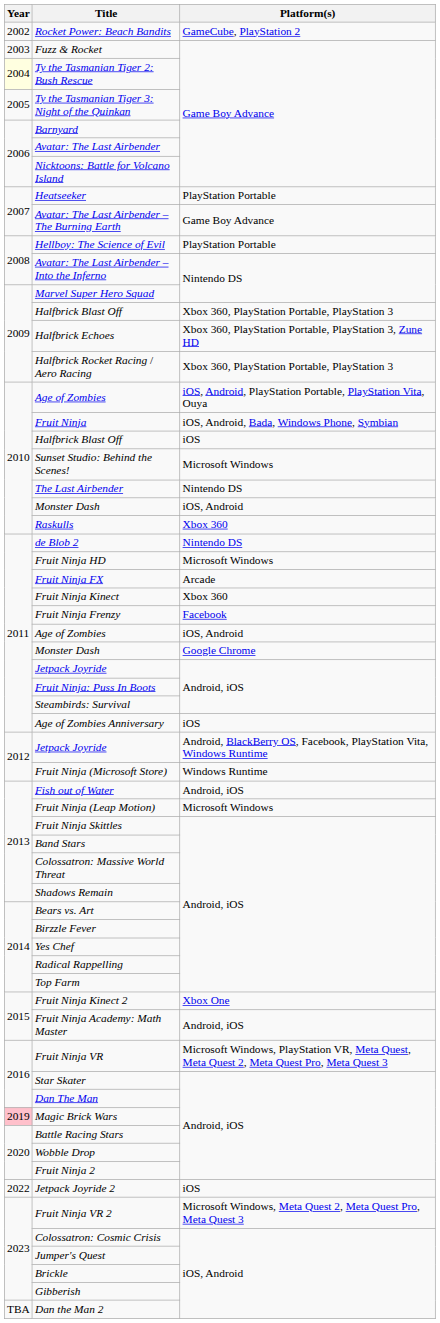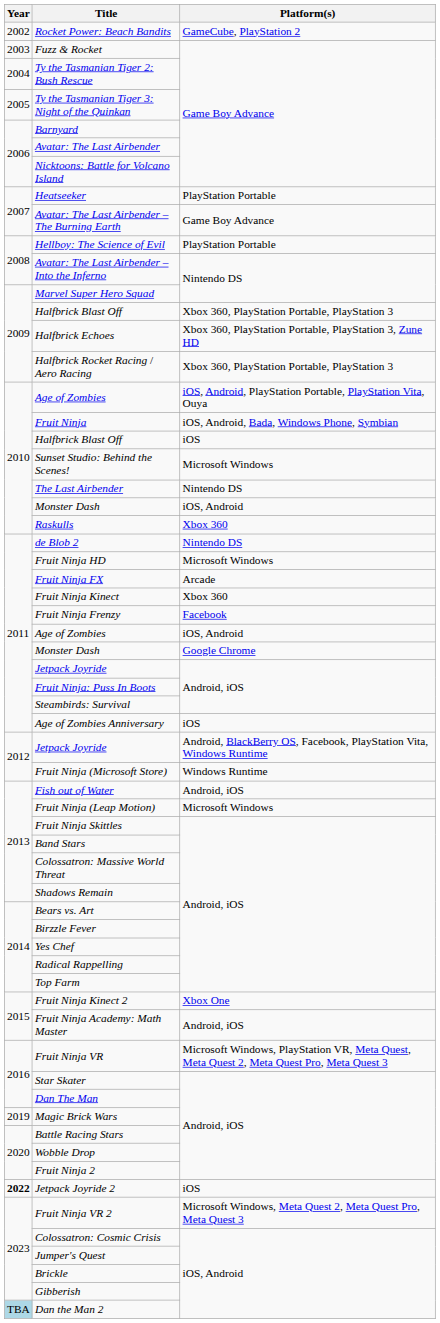 <table class="wikitable sortable">
 <tr>
 <th>Year</th>
 <th>Title</th>
 <th>Platform(s)</th>
 </tr>
 <tr>
 <td>2002</td>
 <td><em><a href='#'>Rocket Power: Beach Bandits</a></em></td>
 <td><a href='#'>GameCube</a>, <a href='#'>PlayStation 2</a></td>
 </tr>
 <tr>
 <td>2003</td>
 <td><em>Fuzz & Rocket</em> </td>
 <td rowspan="6"><a href='#'>Game Boy Advance</a></td>
 </tr>
 <tr>
-<td style="background: lightyellow;">2004</td>
+<td>2004</td>
 <td><em><a href='#'>Ty the Tasmanian Tiger 2: Bush Rescue</a></em></td>
 </tr>
 <tr>
 <td>2005</td>
 <td><em><a href='#'>Ty the Tasmanian Tiger 3: Night of the Quinkan</a></em></td>
 </tr>
 <tr>
 <td rowspan="3">2006</td>
 <td><em><a href='#'>Barnyard</a></em></td>
 </tr>
 <tr>
 <td><em><a href='#'>Avatar: The Last Airbender</a></em></td>
 </tr>
 <tr>
 <td><em><a href='#'>Nicktoons: Battle for Volcano Island</a></em></td>
 </tr>
 <tr>
 <td rowspan="2">2007</td>
 <td><em><a href='#'>Heatseeker</a></em></td>
 <td>PlayStation Portable</td>
 </tr>
 <tr>
 <td><em><a href='#'>Avatar: The Last Airbender – The Burning Earth</a></em></td>
 <td>Game Boy Advance</td>
 </tr>
 <tr>
 <td rowspan="2">2008</td>
 <td><em><a href='#'>Hellboy: The Science of Evil</a></em></td>
 <td>PlayStation Portable</td>
 </tr>
 <tr>
 <td><em><a href='#'>Avatar: The Last Airbender – Into the Inferno</a></em></td>
 <td rowspan="2">Nintendo DS</td>
 </tr>
 <tr>
 <td rowspan="4">2009</td>
 <td><em><a href='#'>Marvel Super Hero Squad</a></em></td>
 </tr>
 <tr>
 <td><em>Halfbrick Blast Off</em></td>
 <td>Xbox 360, PlayStation Portable, PlayStation 3</td>
 </tr>
 <tr>
 <td><em>Halfbrick Echoes</em></td>
 <td>Xbox 360, PlayStation Portable, PlayStation 3, <a href='#'>Zune HD</a></td>
 </tr>
 <tr>
 <td><em>Halfbrick Rocket Racing</em> / <em>Aero Racing</em></td>
 <td>Xbox 360, PlayStation Portable, PlayStation 3</td>
 </tr>
 <tr>
 <td rowspan="7">2010</td>
 <td><em><a href='#'>Age of Zombies</a></em></td>
 <td><a href='#'>iOS</a>, <a href='#'>Android</a>, PlayStation Portable, <a href='#'>PlayStation Vita</a>, Ouya</td>
 </tr>
 <tr>
 <td><em><a href='#'>Fruit Ninja</a></em></td>
 <td>iOS, Android, <a href='#'>Bada</a>, <a href='#'>Windows Phone</a>, <a href='#'>Symbian</a></td>
 </tr>
 <tr>
 <td><em>Halfbrick Blast Off</em></td>
 <td>iOS</td>
 </tr>
 <tr>
 <td><em>Sunset Studio: Behind the Scenes!</em></td>
 <td>Microsoft Windows</td>
 </tr>
 <tr>
 <td><em><a href='#'>The Last Airbender</a></em></td>
 <td>Nintendo DS</td>
 </tr>
 <tr>
 <td><em>Monster Dash</em></td>
 <td>iOS, Android</td>
 </tr>
 <tr>
 <td><em><a href='#'>Raskulls</a></em></td>
 <td><a href='#'>Xbox 360</a></td>
 </tr>
 <tr>
 <td rowspan="11">2011</td>
 <td><em><a href='#'>de Blob 2</a></em></td>
 <td><a href='#'>Nintendo DS</a></td>
 </tr>
 <tr>
 <td><em>Fruit Ninja HD</em></td>
 <td>Microsoft Windows</td>
 </tr>
 <tr>
 <td><em><a href='#'>Fruit Ninja FX</a></em></td>
 <td>Arcade</td>
 </tr>
 <tr>
 <td><em>Fruit Ninja Kinect</em></td>
 <td>Xbox 360</td>
 </tr>
 <tr>
 <td><em>Fruit Ninja Frenzy</em></td>
 <td><a href='#'>Facebook</a></td>
 </tr>
 <tr>
 <td><em>Age of Zombies</em></td>
 <td>iOS, Android</td>
 </tr>
 <tr>
 <td><em>Monster Dash</em></td>
 <td><a href='#'>Google Chrome</a></td>
 </tr>
 <tr>
 <td><em><a href='#'>Jetpack Joyride</a></em></td>
 <td rowspan="3">Android, iOS</td>
 </tr>
 <tr>
 <td><em><a href='#'>Fruit Ninja: Puss In Boots</a></em></td>
 </tr>
 <tr>
 <td><em>Steambirds: Survival</em></td>
 </tr>
 <tr>
 <td><em>Age of Zombies Anniversary</em></td>
 <td>iOS</td>
 </tr>
 <tr>
 <td rowspan="2">2012</td>
 <td><em><a href='#'>Jetpack Joyride</a></em></td>
 <td>Android, <a href='#'>BlackBerry OS</a>, Facebook, PlayStation Vita, <a href='#'>Windows Runtime</a></td>
 </tr>
 <tr>
 <td><em>Fruit Ninja (Microsoft Store)</em></td>
 <td>Windows Runtime</td>
 </tr>
 <tr>
 <td rowspan="6">2013</td>
 <td><em><a href='#'>Fish out of Water</a></em></td>
 <td>Android, iOS</td>
 </tr>
 <tr>
 <td><em>Fruit Ninja (Leap Motion)</em></td>
 <td>Microsoft Windows</td>
 </tr>
 <tr>
 <td><em>Fruit Ninja Skittles</em></td>
 <td rowspan="9">Android, iOS</td>
 </tr>
 <tr>
 <td><em>Band Stars</em></td>
 </tr>
 <tr>
 <td><em>Colossatron: Massive World Threat</em></td>
 </tr>
 <tr>
 <td><em>Shadows Remain</em></td>
 </tr>
 <tr>
 <td rowspan="5">2014</td>
 <td><em>Bears vs. Art</em></td>
 </tr>
 <tr>
 <td><em>Birzzle Fever</em></td>
 </tr>
 <tr>
 <td><em>Yes Chef</em></td>
 </tr>
 <tr>
 <td><em>Radical Rappelling</em></td>
 </tr>
 <tr>
 <td><em>Top Farm</em></td>
 </tr>
 <tr>
 <td rowspan="2">2015</td>
 <td><em>Fruit Ninja Kinect 2</em></td>
 <td><a href='#'>Xbox One</a></td>
 </tr>
 <tr>
 <td><em>Fruit Ninja Academy: Math Master</em></td>
 <td>Android, iOS</td>
 </tr>
 <tr>
 <td rowspan="3">2016</td>
 <td><em>Fruit Ninja VR</em></td>
 <td>Microsoft Windows, PlayStation VR, <a href='#'>Meta Quest</a>, <a href='#'>Meta Quest 2</a>, <a href='#'>Meta Quest Pro</a>, <a href='#'>Meta Quest 3</a></td>
 </tr>
 <tr>
 <td><em>Star Skater</em></td>
 <td rowspan="6">Android, iOS</td>
 </tr>
 <tr>
 <td><em><a href='#'>Dan The Man</a></em></td>
 </tr>
 <tr>
-<td style="background: pink;">2019</td>
+<td>2019</td>
 <td><em>Magic Brick Wars</em></td>
 </tr>
 <tr>
 <td rowspan="3">2020</td>
 <td><em>Battle Racing Stars</em></td>
 </tr>
 <tr>
 <td><em>Wobble Drop</em></td>
 </tr>
 <tr>
 <td><em>Fruit Ninja 2</em></td>
 </tr>
 <tr>
-<td>2022</td>
+<td><strong>2022</strong></td>
 <td><em>Jetpack Joyride 2</em></td>
 <td>iOS</td>
 </tr>
 <tr>
 <td rowspan="5">2023</td>
 <td><em>Fruit Ninja VR 2</em></td>
 <td>Microsoft Windows, <a href='#'>Meta Quest 2</a>, <a href='#'>Meta Quest Pro</a>, <a href='#'>Meta Quest 3</a></td>
 </tr>
 <tr>
 <td><em>Colossatron: Cosmic Crisis</em></td>
 <td rowspan="5">iOS, Android</td>
 </tr>
 <tr>
 <td><em>Jumper's Quest</em></td>
 </tr>
 <tr>
 <td><em>Brickle</em></td>
 </tr>
 <tr>
 <td><em>Gibberish</em></td>
 </tr>
 <tr>
-<td>TBA</td>
+<td style="background: lightblue;">TBA</td>
 <td><em>Dan the Man 2</em></td>
 </tr>
 </table>
